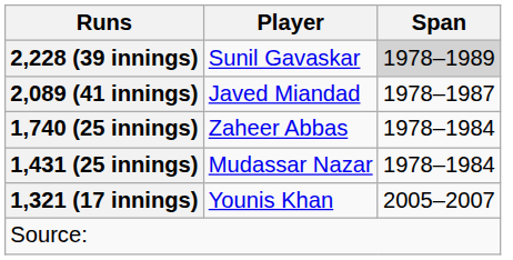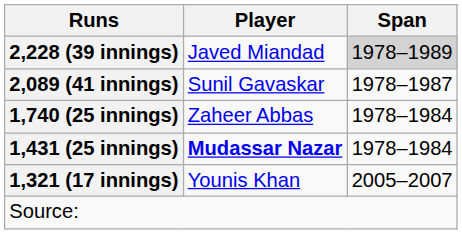 <table class="wikitable">
 <tr>
 <th align="center"><strong>Runs</strong></th>
 <th align="center"><strong>Player</strong></th>
 <th align="center"><strong>Span</strong></th>
 </tr>
 <tr>
 <th>2,228 (39 innings)</th>
-<td> <a href='#'>Sunil Gavaskar</a></td>
+<td> <a href='#'>Javed Miandad</a></td>
 <td style="background: lightgrey;">1978–1989</td>
 </tr>
 <tr>
 <th>2,089 (41 innings)</th>
-<td> <a href='#'>Javed Miandad</a></td>
+<td> <a href='#'>Sunil Gavaskar</a></td>
 <td>1978–1987</td>
 </tr>
 <tr>
 <th>1,740 (25 innings)</th>
 <td> <a href='#'>Zaheer Abbas</a></td>
 <td>1978–1984</td>
 </tr>
 <tr>
 <th>1,431 (25 innings)</th>
-<td> <a href='#'>Mudassar Nazar</a></td>
+<td><strong> <a href='#'>Mudassar Nazar</a></strong></td>
 <td>1978–1984</td>
 </tr>
 <tr>
 <th>1,321 (17 innings)</th>
 <td> <a href='#'>Younis Khan</a></td>
 <td>2005–2007</td>
 </tr>
 <tr>
 <td colspan="4">Source:</td>
 </tr>
 </table>
